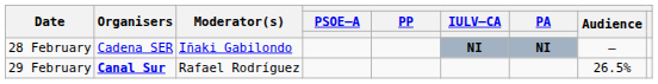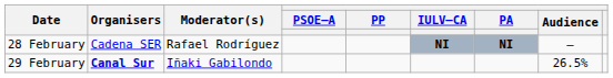 <table class="wikitable" style="text-align:center;">
 <tr>
 <th rowspan="3">Date</th>
 <th rowspan="3">Organisers</th>
 <th rowspan="3">Moderator(s)</th>
 <th colspan="6">    </th>
 </tr>
 <tr>
 <th scope="col" style="width:5em;"><a href='#'>PSOE–A</a></th>
 <th scope="col" style="width:5em;"><a href='#'>PP</a></th>
 <th scope="col" style="width:5em;"><a href='#'>IULV–CA</a></th>
 <th scope="col" style="width:5em;"><a href='#'>PA</a></th>
 <th rowspan="2" scope="col" style="width:5em;">Audience</th>
 <th rowspan="2"></th>
 </tr>
 <tr>
 <th style="color:inherit;background:"></th>
 <th style="color:inherit;background:"></th>
 <th style="color:inherit;background:"></th>
 <th style="color:inherit;background:"></th>
 </tr>
 <tr>
 <td style="white-space:nowrap; text-align:left;">28 February</td>
 <td style="white-space:nowrap; text-align:left;"><a href='#'>Cadena SER</a></td>
-<td style="white-space:nowrap; text-align:left;"><a href='#'>Iñaki Gabilondo</a></td>
+<td style="white-space:nowrap; text-align:left;">Rafael Rodríguez</td>
 <td></td>
 <td></td>
 <td style="background:#A2B2C2;"><strong>NI</strong></td>
 <td style="background:#A2B2C2;"><strong>NI</strong></td>
 <td>—</td>
 <td></td>
 </tr>
 <tr>
 <td style="white-space:nowrap; text-align:left;">29 February</td>
 <td style="white-space:nowrap; text-align:left;"><strong><a href='#'>Canal Sur</a></strong></td>
-<td style="white-space:nowrap; text-align:left;">Rafael Rodríguez</td>
+<td style="white-space:nowrap; text-align:left;"><a href='#'>Iñaki Gabilondo</a></td>
 <td></td>
 <td></td>
 <td></td>
 <td></td>
 <td>26.5%<br></td>
 <td><br></td>
 </tr>
 </table>
